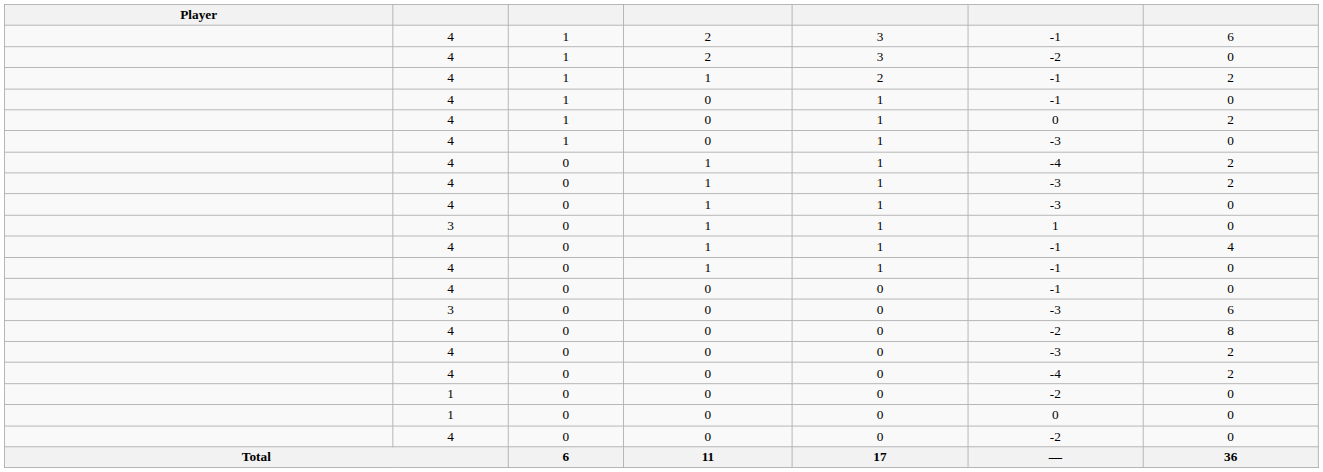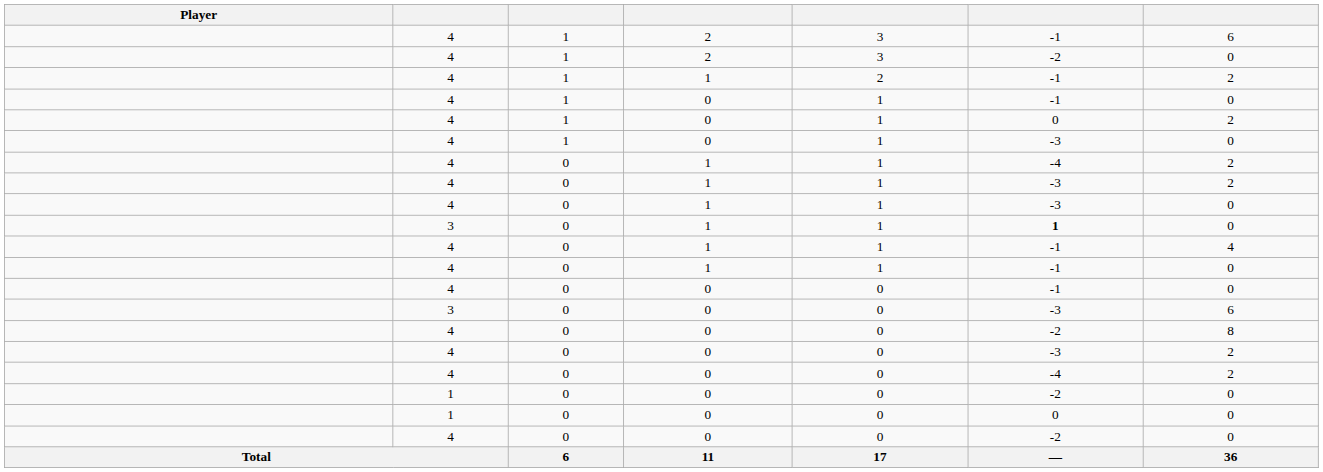 <table class="wikitable sortable" style="width:100%; text-align:center;">
 <tr>
 <th>Player</th>
 <th></th>
 <th></th>
 <th></th>
 <th></th>
 <th data-sort-type="number"></th>
 <th></th>
 </tr>
 <tr>
 <td></td>
 <td>4</td>
 <td>1</td>
 <td>2</td>
 <td>3</td>
 <td>-1</td>
 <td>6</td>
 </tr>
 <tr>
 <td></td>
 <td>4</td>
 <td>1</td>
 <td>2</td>
 <td>3</td>
 <td>-2</td>
 <td>0</td>
 </tr>
 <tr>
 <td></td>
 <td>4</td>
 <td>1</td>
 <td>1</td>
 <td>2</td>
 <td>-1</td>
 <td>2</td>
 </tr>
 <tr>
 <td></td>
 <td>4</td>
 <td>1</td>
 <td>0</td>
 <td>1</td>
 <td>-1</td>
 <td>0</td>
 </tr>
 <tr>
 <td></td>
 <td>4</td>
 <td>1</td>
 <td>0</td>
 <td>1</td>
 <td>0</td>
 <td>2</td>
 </tr>
 <tr>
 <td></td>
 <td>4</td>
 <td>1</td>
 <td>0</td>
 <td>1</td>
 <td>-3</td>
 <td>0</td>
 </tr>
 <tr>
 <td></td>
 <td>4</td>
 <td>0</td>
 <td>1</td>
 <td>1</td>
 <td>-4</td>
 <td>2</td>
 </tr>
 <tr>
 <td></td>
 <td>4</td>
 <td>0</td>
 <td>1</td>
 <td>1</td>
 <td>-3</td>
 <td>2</td>
 </tr>
 <tr>
 <td></td>
 <td>4</td>
 <td>0</td>
 <td>1</td>
 <td>1</td>
 <td>-3</td>
 <td>0</td>
 </tr>
 <tr>
 <td></td>
 <td>3</td>
 <td>0</td>
 <td>1</td>
 <td>1</td>
-<td>1</td>
+<td><strong>1</strong></td>
 <td>0</td>
 </tr>
 <tr>
 <td></td>
 <td>4</td>
 <td>0</td>
 <td>1</td>
 <td>1</td>
 <td>-1</td>
 <td>4</td>
 </tr>
 <tr>
 <td></td>
 <td>4</td>
 <td>0</td>
 <td>1</td>
 <td>1</td>
 <td>-1</td>
 <td>0</td>
 </tr>
 <tr>
 <td></td>
 <td>4</td>
 <td>0</td>
 <td>0</td>
 <td>0</td>
 <td>-1</td>
 <td>0</td>
 </tr>
 <tr>
 <td></td>
 <td>3</td>
 <td>0</td>
 <td>0</td>
 <td>0</td>
 <td>-3</td>
 <td>6</td>
 </tr>
 <tr>
 <td></td>
 <td>4</td>
 <td>0</td>
 <td>0</td>
 <td>0</td>
 <td>-2</td>
 <td>8</td>
 </tr>
 <tr>
 <td></td>
 <td>4</td>
 <td>0</td>
 <td>0</td>
 <td>0</td>
 <td>-3</td>
 <td>2</td>
 </tr>
 <tr>
 <td></td>
 <td>4</td>
 <td>0</td>
 <td>0</td>
 <td>0</td>
 <td>-4</td>
 <td>2</td>
 </tr>
 <tr>
 <td></td>
 <td>1</td>
 <td>0</td>
 <td>0</td>
 <td>0</td>
 <td>-2</td>
 <td>0</td>
 </tr>
 <tr>
 <td></td>
 <td>1</td>
 <td>0</td>
 <td>0</td>
 <td>0</td>
 <td>0</td>
 <td>0</td>
 </tr>
 <tr>
 <td></td>
 <td>4</td>
 <td>0</td>
 <td>0</td>
 <td>0</td>
 <td>-2</td>
 <td>0</td>
 </tr>
 <tr class="sortbottom">
 <th colspan=2>Total</th>
 <th>6</th>
 <th>11</th>
 <th>17</th>
 <th>—</th>
 <th>36</th>
 </tr>
 </table>
